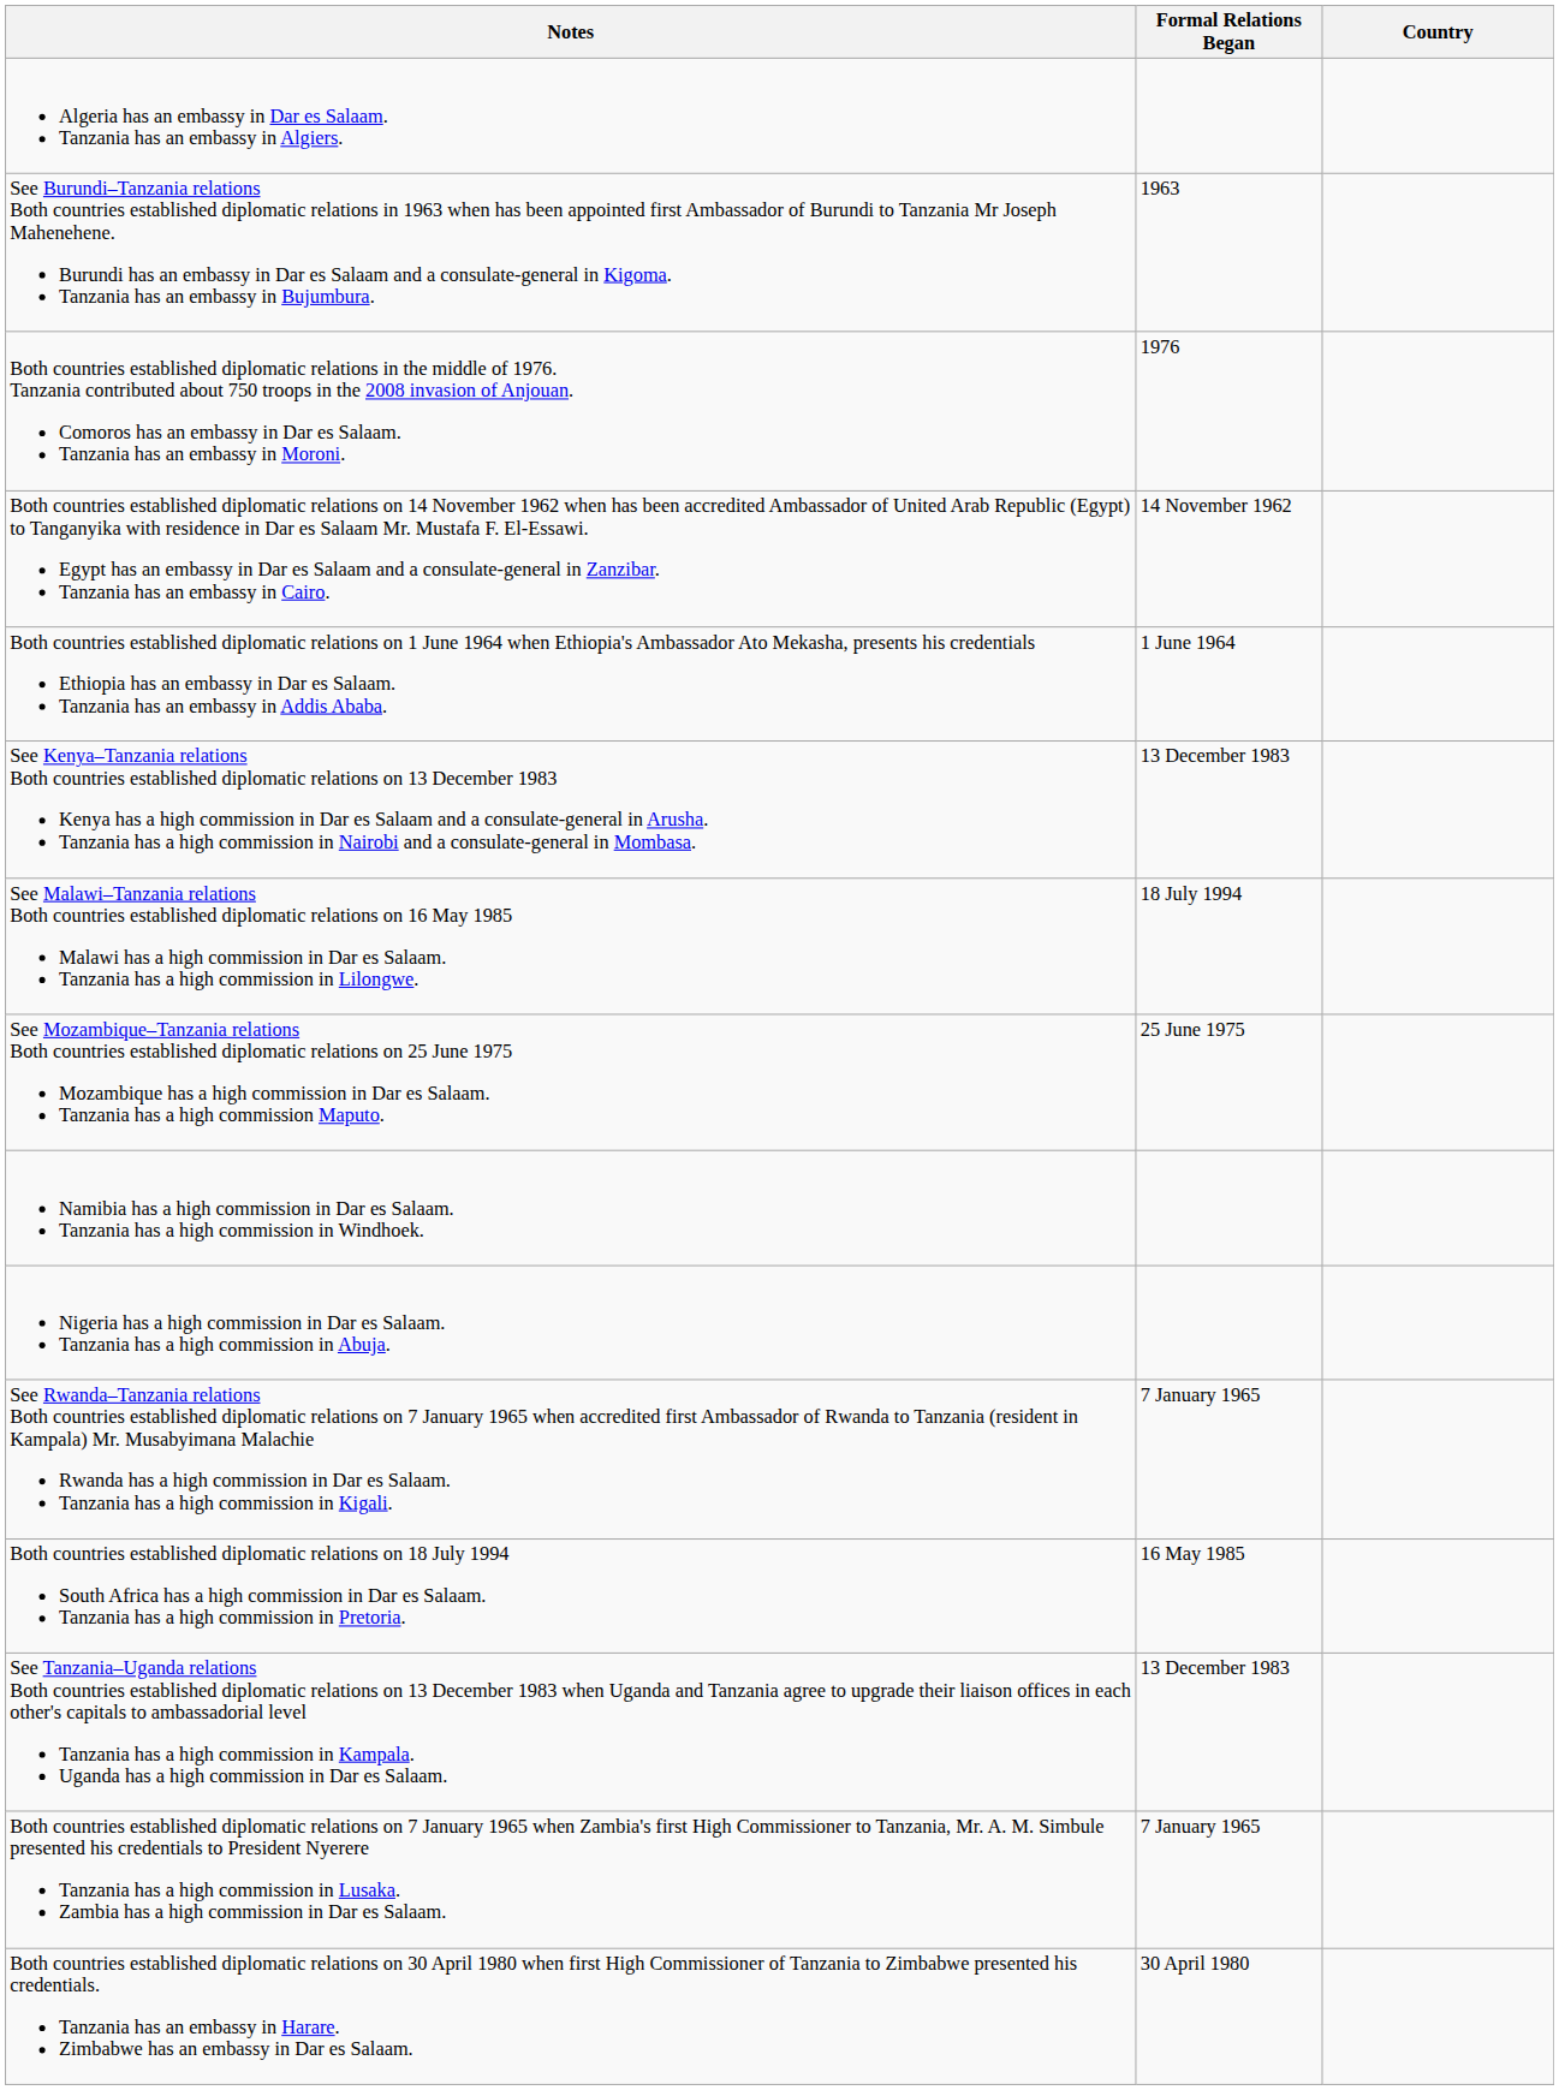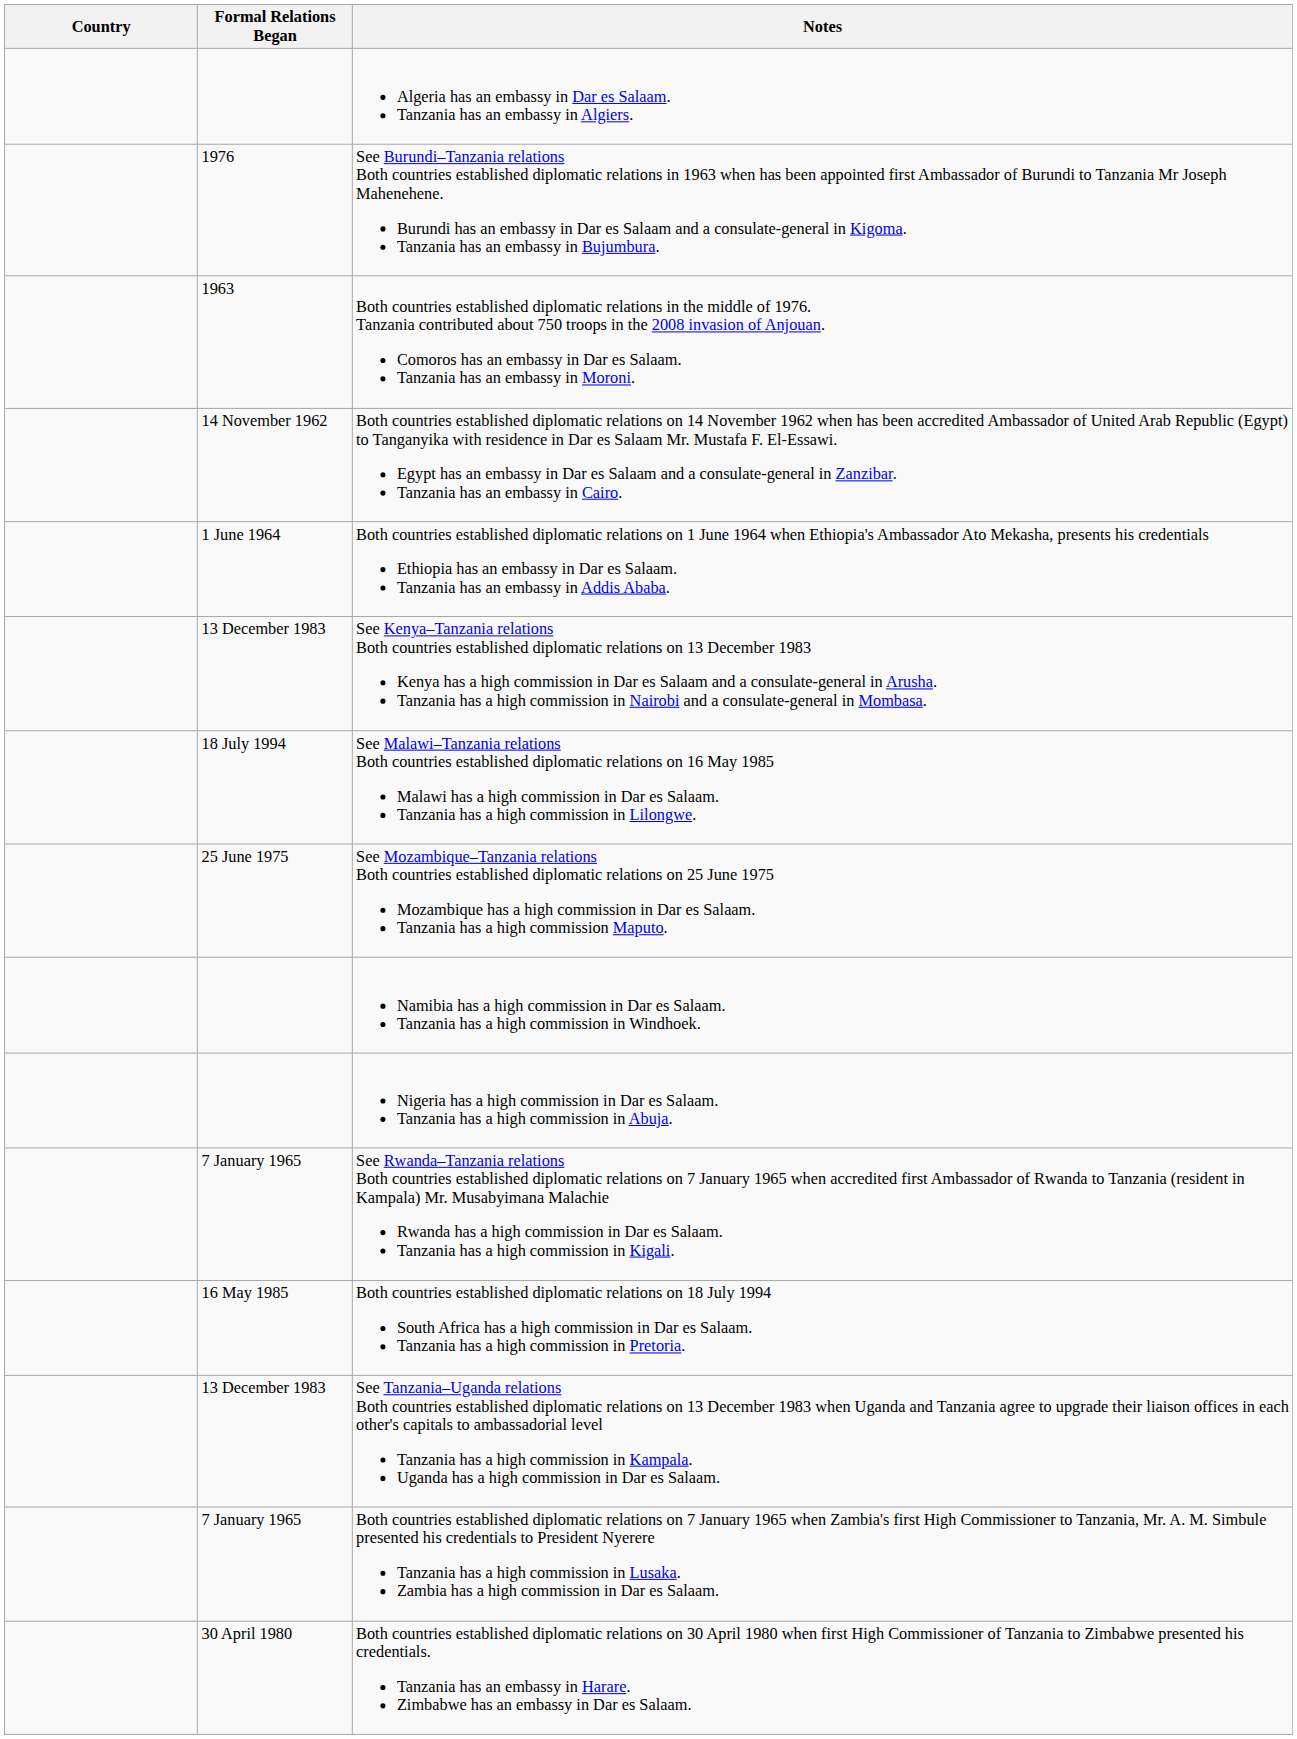 <table class="wikitable sortable" style="width:100%; margin:auto;">
 <tr>
+<th style="width:15%;">Country</th>
+<th style="width:12%;">Formal Relations Began</th>
 <th>Notes</th>
-<th style="width:12%;">Formal Relations Began</th>
-<th style="width:15%;">Country</th>
 </tr>
 <tr valign="top">
-<td><br><ul><li>Algeria has an embassy in <a href='#'>Dar es Salaam</a>.</li><li>Tanzania has an embassy in <a href='#'>Algiers</a>.</li></ul></td>
 <td></td>
 <td></td>
+<td><br><ul><li>Algeria has an embassy in <a href='#'>Dar es Salaam</a>.</li><li>Tanzania has an embassy in <a href='#'>Algiers</a>.</li></ul></td>
 </tr>
 <tr valign="top">
+<td></td>
+<td>1976</td>
 <td>See <a href='#'>Burundi–Tanzania relations</a><br>Both countries established diplomatic relations in 1963 when has been appointed first Ambassador of Burundi to Tanzania Mr Joseph Mahenehene.<ul><li>Burundi has an embassy in Dar es Salaam and a consulate-general in <a href='#'>Kigoma</a>.</li><li>Tanzania has an embassy in <a href='#'>Bujumbura</a>.</li></ul></td>
-<td>1963</td>
-<td></td>
 </tr>
 <tr valign="top">
+<td></td>
+<td>1963</td>
 <td><br>Both countries established diplomatic relations in the middle of 1976.<br>Tanzania contributed about 750 troops in the <a href='#'>2008 invasion of Anjouan</a>.<ul><li>Comoros has an embassy in Dar es Salaam.</li><li>Tanzania has an embassy in <a href='#'>Moroni</a>.</li></ul></td>
-<td>1976</td>
-<td></td>
 </tr>
 <tr valign="top">
+<td></td>
+<td>14 November 1962</td>
 <td>Both countries established diplomatic relations on 14 November 1962 when has been accredited Ambassador of United Arab Republic (Egypt) to Tanganyika with residence in Dar es Salaam Mr. Mustafa F. El-Essawi.<br><ul><li>Egypt has an embassy in Dar es Salaam and a consulate-general in <a href='#'>Zanzibar</a>.</li><li>Tanzania has an embassy in <a href='#'>Cairo</a>.</li></ul></td>
-<td>14 November 1962</td>
-<td></td>
 </tr>
 <tr valign="top">
+<td></td>
+<td>1 June 1964</td>
 <td>Both countries established diplomatic relations on 1 June 1964 when Ethiopia's Ambassador Ato Mekasha, presents his credentials<br><ul><li>Ethiopia has an embassy in Dar es Salaam.</li><li>Tanzania has an embassy in <a href='#'>Addis Ababa</a>.</li></ul></td>
-<td>1 June 1964</td>
-<td></td>
 </tr>
 <tr valign="top">
+<td></td>
+<td>13 December 1983</td>
 <td>See <a href='#'>Kenya–Tanzania relations</a><br>Both countries established diplomatic relations on 13 December 1983<ul><li>Kenya has a high commission in Dar es Salaam and a consulate-general in <a href='#'>Arusha</a>.</li><li>Tanzania has a high commission in <a href='#'>Nairobi</a> and a consulate-general in <a href='#'>Mombasa</a>.</li></ul></td>
-<td>13 December 1983</td>
-<td></td>
 </tr>
 <tr valign="top">
+<td></td>
+<td>18 July 1994</td>
 <td>See <a href='#'>Malawi–Tanzania relations</a><br>Both countries established diplomatic relations on 16 May 1985<ul><li>Malawi has a high commission in Dar es Salaam.</li><li>Tanzania has a high commission in <a href='#'>Lilongwe</a>.</li></ul></td>
-<td>18 July 1994</td>
-<td></td>
 </tr>
 <tr valign="top">
+<td></td>
+<td>25 June 1975</td>
 <td>See <a href='#'>Mozambique–Tanzania relations</a><br>Both countries established diplomatic relations on 25 June 1975<ul><li>Mozambique has a high commission in Dar es Salaam.</li><li>Tanzania has a high commission <a href='#'>Maputo</a>.</li></ul></td>
-<td>25 June 1975</td>
-<td></td>
 </tr>
 <tr valign="top">
-<td><br><ul><li>Namibia has a high commission in Dar es Salaam.</li><li>Tanzania has a high commission in Windhoek.</li></ul></td>
 <td></td>
 <td></td>
+<td><br><ul><li>Namibia has a high commission in Dar es Salaam.</li><li>Tanzania has a high commission in Windhoek.</li></ul></td>
 </tr>
 <tr valign="top">
-<td><br><ul><li>Nigeria has a high commission in Dar es Salaam.</li><li>Tanzania has a high commission in <a href='#'>Abuja</a>.</li></ul></td>
 <td></td>
 <td></td>
+<td><br><ul><li>Nigeria has a high commission in Dar es Salaam.</li><li>Tanzania has a high commission in <a href='#'>Abuja</a>.</li></ul></td>
 </tr>
 <tr valign="top">
+<td></td>
+<td>7 January 1965</td>
 <td>See <a href='#'>Rwanda–Tanzania relations</a><br>Both countries established diplomatic relations on 7 January 1965 when accredited first Ambassador of Rwanda to Tanzania (resident in Kampala) Mr. Musabyimana Malachie<ul><li>Rwanda has a high commission in Dar es Salaam.</li><li>Tanzania has a high commission in <a href='#'>Kigali</a>.</li></ul></td>
-<td>7 January 1965</td>
-<td></td>
 </tr>
 <tr valign="top">
+<td></td>
+<td>16 May 1985</td>
 <td>Both countries established diplomatic relations on 18 July 1994<br><ul><li>South Africa has a high commission in Dar es Salaam.</li><li>Tanzania has a high commission in <a href='#'>Pretoria</a>.</li></ul></td>
-<td>16 May 1985</td>
-<td></td>
 </tr>
 <tr valign="top">
+<td></td>
+<td>13 December 1983</td>
 <td>See <a href='#'>Tanzania–Uganda relations</a><br>Both countries established diplomatic relations on 13 December 1983 when Uganda and Tanzania agree to upgrade their liaison offices in each other's capitals to ambassadorial level<ul><li>Tanzania has a high commission in <a href='#'>Kampala</a>.</li><li>Uganda has a high commission in Dar es Salaam.</li></ul></td>
-<td>13 December 1983</td>
-<td></td>
 </tr>
 <tr valign="top">
+<td></td>
+<td>7 January 1965</td>
 <td>Both countries established diplomatic relations on 7 January 1965 when Zambia's first High Commissioner to Tanzania, Mr. A. M. Simbule presented his credentials to President Nyerere<br><ul><li>Tanzania has a high commission in <a href='#'>Lusaka</a>.</li><li>Zambia has a high commission in Dar es Salaam.</li></ul></td>
-<td>7 January 1965</td>
-<td></td>
 </tr>
 <tr valign="top">
+<td></td>
+<td>30 April 1980</td>
 <td>Both countries established diplomatic relations on 30 April 1980 when first High Commissioner of Tanzania to Zimbabwe presented his credentials.<br><ul><li>Tanzania has an embassy in <a href='#'>Harare</a>.</li><li>Zimbabwe has an embassy in Dar es Salaam.</li></ul></td>
-<td>30 April 1980</td>
-<td></td>
 </tr>
 </table>
